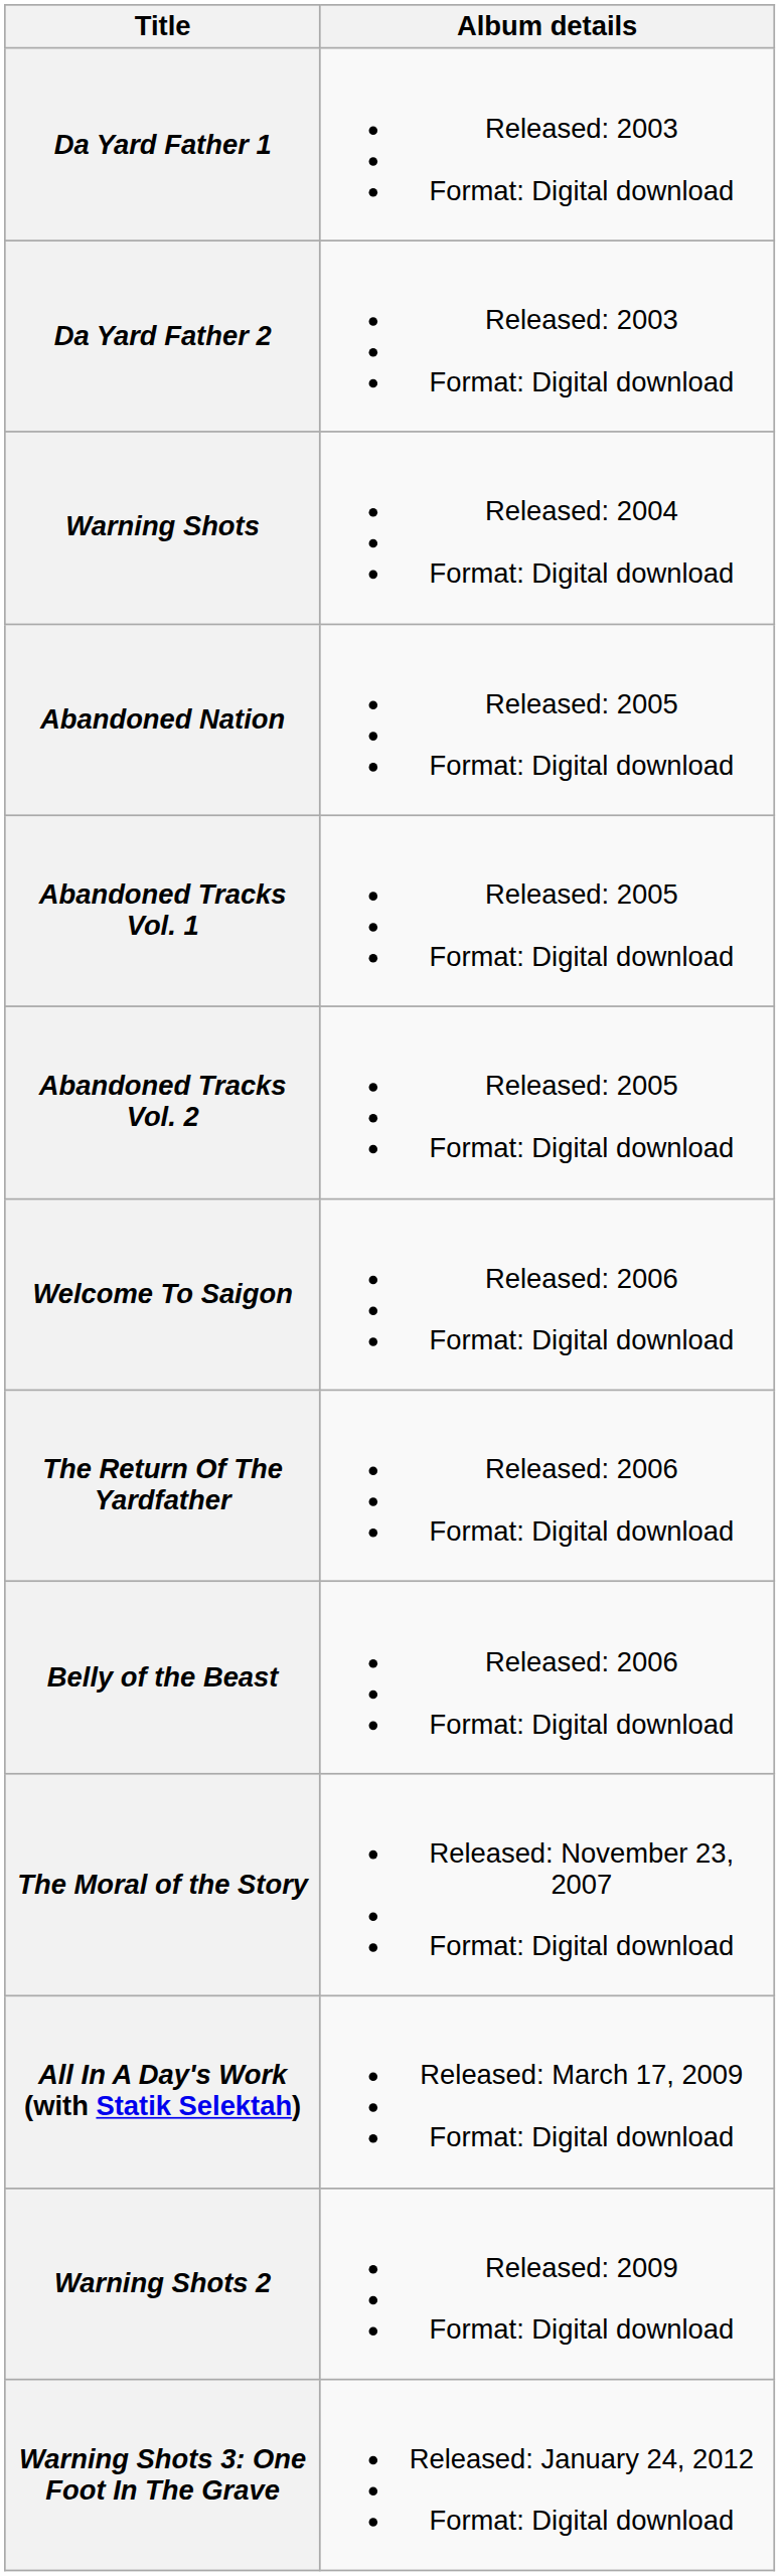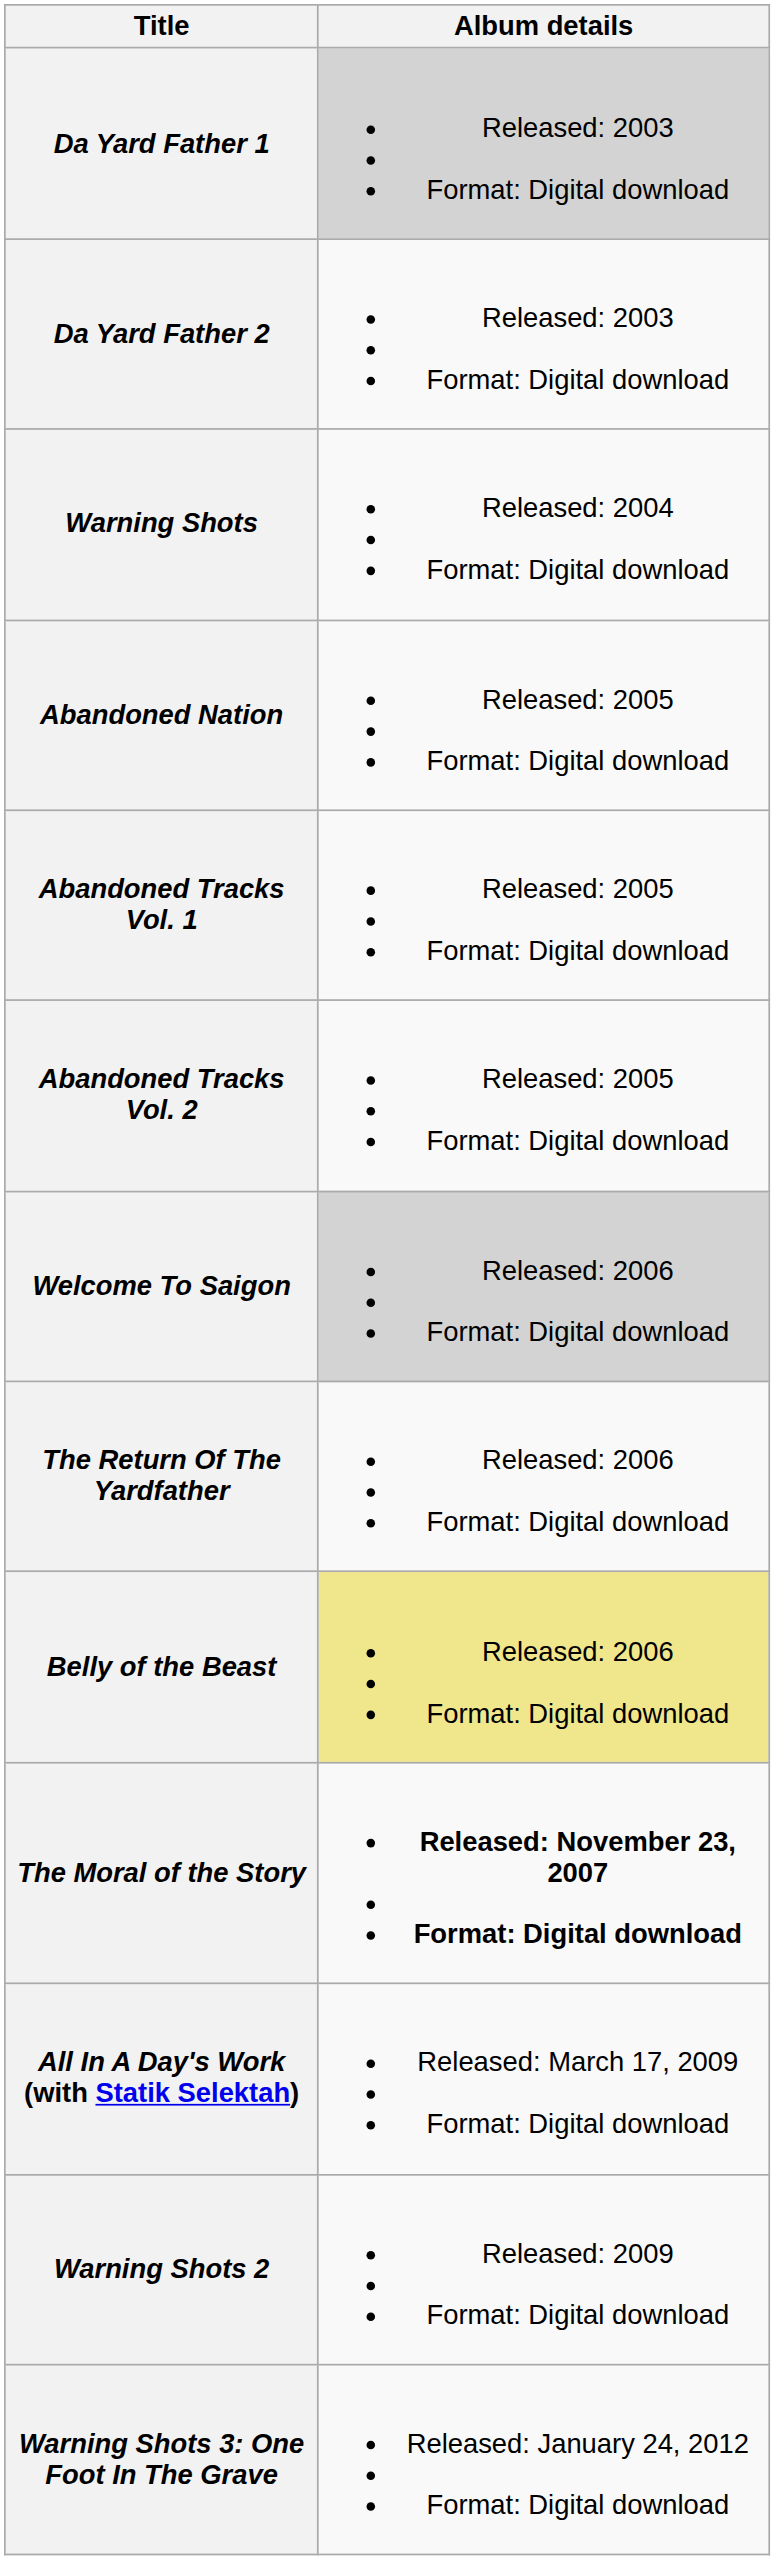 <table class="wikitable plainrowheaders" style="text-align:center;">
 <tr>
 <th scope="col" style="width:11em;">Title</th>
 <th scope="col" style="width:16em;">Album details</th>
 </tr>
 <tr>
 <th scope="row"><em>Da Yard Father 1</em></th>
-<td><br><ul><li>Released: 2003</li><li></li><li>Format: Digital download</li></ul></td>
+<td style="background: lightgrey;"><br><ul><li>Released: 2003</li><li></li><li>Format: Digital download</li></ul></td>
 </tr>
 <tr>
 <th scope="row"><em>Da Yard Father 2</em></th>
 <td><br><ul><li>Released: 2003</li><li></li><li>Format: Digital download</li></ul></td>
 </tr>
 <tr>
 <th scope="row"><em>Warning Shots</em></th>
 <td><br><ul><li>Released: 2004</li><li></li><li>Format: Digital download</li></ul></td>
 </tr>
 <tr>
 <th scope="row"><em>Abandoned Nation</em></th>
 <td><br><ul><li>Released: 2005</li><li></li><li>Format: Digital download</li></ul></td>
 </tr>
 <tr>
 <th scope="row"><em>Abandoned Tracks Vol. 1</em></th>
 <td><br><ul><li>Released: 2005</li><li></li><li>Format: Digital download</li></ul></td>
 </tr>
 <tr>
 <th scope="row"><em>Abandoned Tracks Vol. 2</em></th>
 <td><br><ul><li>Released: 2005</li><li></li><li>Format: Digital download</li></ul></td>
 </tr>
 <tr>
 <th scope="row"><em>Welcome To Saigon</em></th>
-<td><br><ul><li>Released: 2006</li><li></li><li>Format: Digital download</li></ul></td>
+<td style="background: lightgrey;"><br><ul><li>Released: 2006</li><li></li><li>Format: Digital download</li></ul></td>
 </tr>
 <tr>
 <th scope="row"><em>The Return Of The Yardfather</em></th>
 <td><br><ul><li>Released: 2006</li><li></li><li>Format: Digital download</li></ul></td>
 </tr>
 <tr>
 <th scope="row"><em>Belly of the Beast</em></th>
-<td><br><ul><li>Released: 2006</li><li></li><li>Format: Digital download</li></ul></td>
+<td style="background: khaki;"><br><ul><li>Released: 2006</li><li></li><li>Format: Digital download</li></ul></td>
 </tr>
 <tr>
 <th scope="row"><em>The Moral of the Story</em></th>
-<td><br><ul><li>Released: November 23, 2007</li><li></li><li>Format: Digital download</li></ul></td>
+<td><strong><br><ul><li>Released: November 23, 2007</li><li></li><li>Format: Digital download</li></ul></strong></td>
 </tr>
 <tr>
 <th scope="row"><em>All In A Day's Work</em><br><span>(with <a href='#'>Statik Selektah</a>)</span></th>
 <td><br><ul><li>Released: March 17, 2009</li><li></li><li>Format: Digital download</li></ul></td>
 </tr>
 <tr>
 <th scope="row"><em>Warning Shots 2</em></th>
 <td><br><ul><li>Released: 2009</li><li></li><li>Format: Digital download</li></ul></td>
 </tr>
 <tr>
 <th scope="row"><em>Warning Shots 3: One Foot In The Grave</em></th>
 <td><br><ul><li>Released: January 24, 2012</li><li></li><li>Format: Digital download</li></ul></td>
 </tr>
 </table>
